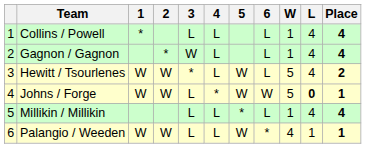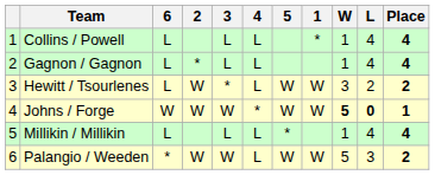 <table class="wikitable" style="text-align:center;">
 <tr>
 <th></th>
 <th>Team</th>
-<th width="25">1</th>
+<th width="25">6</th>
 <th width="25">2</th>
 <th width="25">3</th>
 <th width="25">4</th>
 <th width="25">5</th>
-<th width="25">6</th>
+<th width="25">1</th>
 <th width="20">W</th>
 <th width="20">L</th>
 <th>Place</th>
 </tr>
 <tr bgcolor=#ccffcc>
 <td>1</td>
 <td align=left>Collins / Powell</td>
-<td>*</td>
+<td>L</td>
 <td></td>
 <td>L</td>
 <td>L</td>
 <td></td>
-<td>L</td>
+<td>*</td>
 <td>1</td>
 <td>4</td>
 <td><strong>4</strong></td>
 </tr>
 <tr bgcolor=#ccffcc>
 <td>2</td>
 <td align=left>Gagnon / Gagnon</td>
-<td></td>
+<td>L</td>
 <td>*</td>
-<td>W</td>
+<td>L</td>
 <td>L</td>
 <td></td>
-<td>L</td>
+<td></td>
 <td>1</td>
 <td>4</td>
 <td><strong>4</strong></td>
 </tr>
 <tr bgcolor=#ffffcc>
 <td>3</td>
 <td align=left>Hewitt / Tsourlenes</td>
-<td>W</td>
+<td>L</td>
 <td>W</td>
 <td>*</td>
 <td>L</td>
 <td>W</td>
-<td>L</td>
-<td>5</td>
-<td>4</td>
+<td>W</td>
+<td>3</td>
+<td>2</td>
 <td><strong>2</strong></td>
 </tr>
 <tr bgcolor=#ffffcc>
 <td>4</td>
 <td align=left>Johns / Forge</td>
 <td>W</td>
 <td>W</td>
-<td>L</td>
+<td>W</td>
 <td>*</td>
 <td>W</td>
 <td>W</td>
-<td>5</td>
+<td><strong>5</strong></td>
 <td><strong>0</strong></td>
 <td><strong>1</strong></td>
 </tr>
 <tr bgcolor=#ccffcc>
 <td>5</td>
 <td align=left>Millikin / Millikin</td>
-<td></td>
+<td>L</td>
 <td></td>
 <td>L</td>
 <td>L</td>
 <td>*</td>
-<td>L</td>
+<td></td>
 <td>1</td>
 <td>4</td>
 <td><strong>4</strong></td>
 </tr>
 <tr bgcolor=#ffffcc>
 <td>6</td>
 <td align=left>Palangio / Weeden</td>
+<td>*</td>
 <td>W</td>
 <td>W</td>
 <td>L</td>
-<td>L</td>
 <td>W</td>
-<td>*</td>
-<td>4</td>
-<td>1</td>
-<td><strong>1</strong></td>
+<td>W</td>
+<td>5</td>
+<td>3</td>
+<td><strong>2</strong></td>
 </tr>
 </table>
